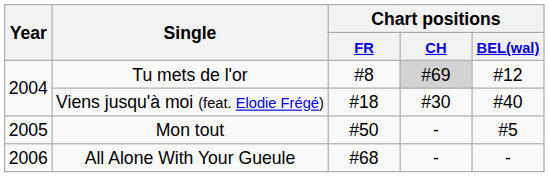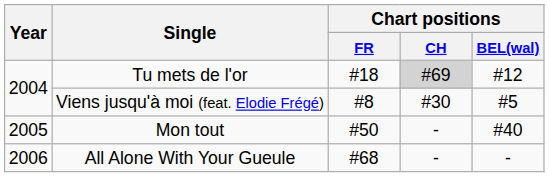 <table class="wikitable" style="font-size: 95%;">
 <tr>
 <th rowspan="2">Year</th>
 <th rowspan="2">Single</th>
 <th colspan="3">Chart positions</th>
 </tr>
 <tr>
 <th width="55"><small><a href='#'>FR</a></small></th>
 <th width="55"><small><a href='#'>CH</a></small></th>
 <th width="55"><small><a href='#'>BEL(wal)</a></small></th>
 </tr>
 <tr>
 <td align="center" rowspan="2">2004</td>
 <td align="center">Tu mets de l'or</td>
-<td align="center">#8</td>
+<td align="center">#18</td>
 <td align="center" style="background: lightgrey;">#69</td>
 <td align="center">#12</td>
 </tr>
 <tr>
 <td align="center">Viens jusqu'à moi <small>(feat. <a href='#'>Elodie Frégé</a>)</small></td>
-<td align="center">#18</td>
+<td align="center">#8</td>
 <td align="center">#30</td>
-<td align="center">#40</td>
+<td align="center">#5</td>
 </tr>
 <tr>
 <td align="center" rowspan="1">2005</td>
 <td align="center">Mon tout</td>
 <td align="center">#50</td>
 <td align="center">-</td>
-<td align="center">#5</td>
+<td align="center">#40</td>
 </tr>
 <tr>
 <td align="center" rowspan="1">2006</td>
 <td align="center">All Alone With Your Gueule</td>
 <td align="center">#68</td>
 <td align="center">-</td>
 <td align="center">-</td>
 </tr>
 </table>
